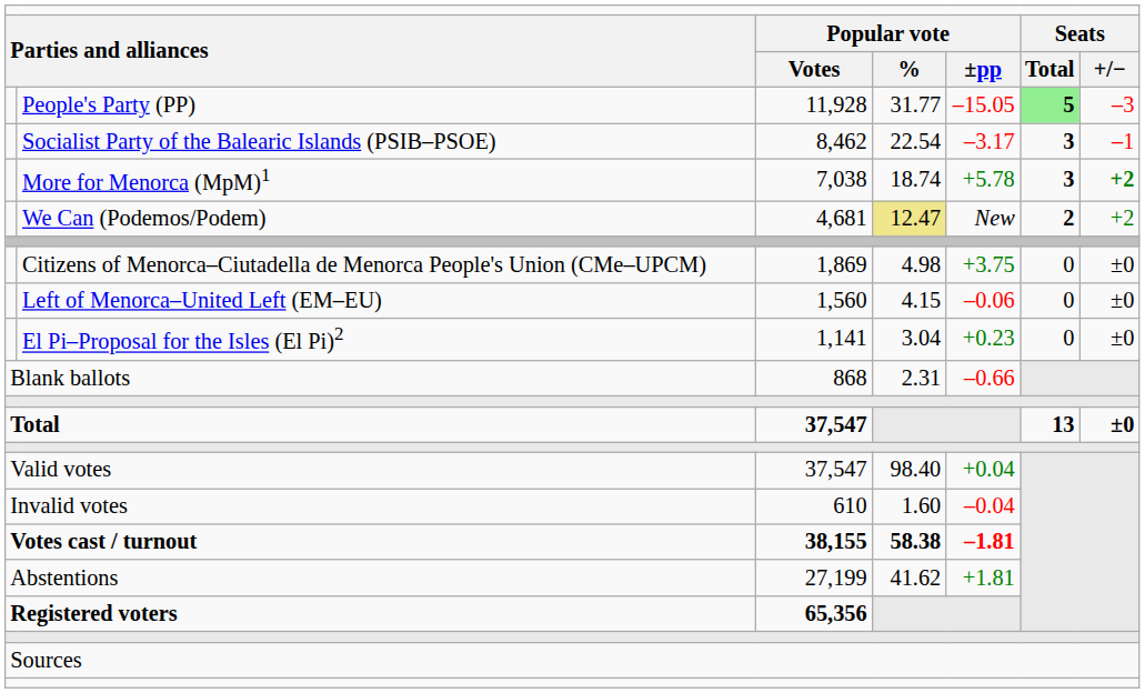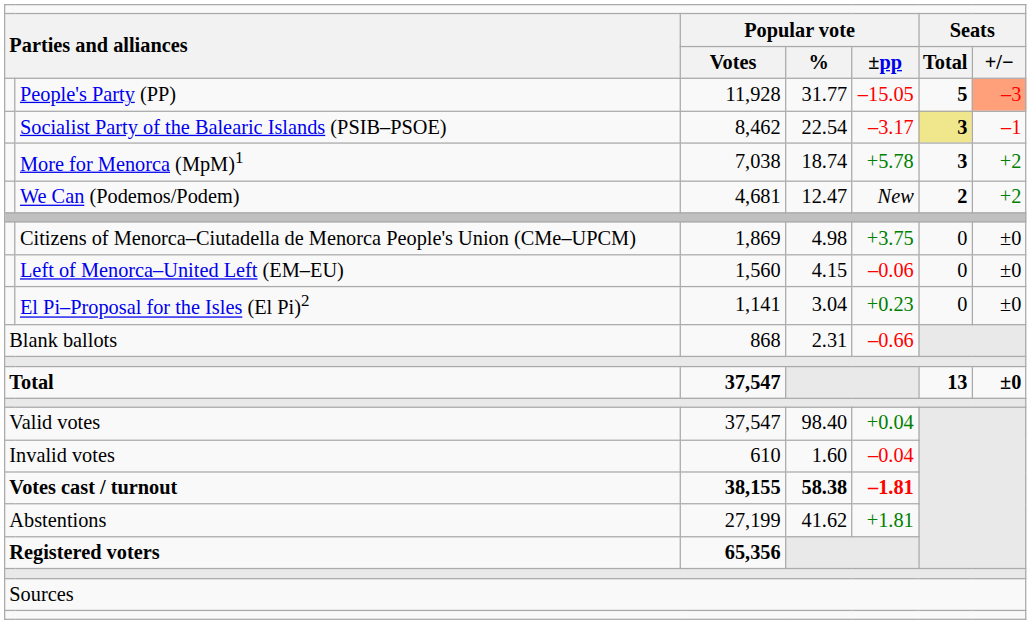 <table class="wikitable" style="text-align:right;">
 <tr>
 <td colspan="7"></td>
 </tr>
 <tr>
 <th style="text-align:left;" rowspan="2" colspan="2" width="525">Parties and alliances</th>
 <th colspan="3">Popular vote</th>
 <th colspan="2">Seats</th>
 </tr>
 <tr>
 <th width="75">Votes</th>
 <th width="45">%</th>
 <th width="45">±<a href='#'>pp</a></th>
 <th width="35">Total</th>
 <th width="35">+/−</th>
 </tr>
 <tr>
 <td width="1" style="color:inherit;background:"></td>
 <td align="left"><a href='#'>People's Party</a> (PP)</td>
 <td>11,928</td>
 <td>31.77</td>
 <td style="color:red;">–15.05</td>
-<td style="background: lightgreen;"><strong>5</strong></td>
-<td style="color:red;">–3</td>
+<td><strong>5</strong></td>
+<td style="background: lightsalmon; color:red;">–3</td>
 </tr>
 <tr>
 <td style="color:inherit;background:"></td>
 <td align="left"><a href='#'>Socialist Party of the Balearic Islands</a> (PSIB–PSOE)</td>
 <td>8,462</td>
 <td>22.54</td>
 <td style="color:red;">–3.17</td>
-<td><strong>3</strong></td>
+<td style="background: khaki;"><strong>3</strong></td>
 <td style="color:red;">–1</td>
 </tr>
 <tr>
 <td style="color:inherit;background:"></td>
 <td align="left"><a href='#'>More for Menorca</a> (MpM)<sup>1</sup></td>
 <td>7,038</td>
 <td>18.74</td>
 <td style="color:green;">+5.78</td>
 <td><strong>3</strong></td>
-<td style="color:green;"><strong>+2</strong></td>
+<td style="color:green;">+2</td>
 </tr>
 <tr>
 <td style="color:inherit;background:"></td>
 <td align="left"><a href='#'>We Can</a> (Podemos/Podem)</td>
 <td>4,681</td>
-<td style="background: khaki;">12.47</td>
+<td>12.47</td>
 <td><em>New</em></td>
 <td><strong>2</strong></td>
 <td style="color:green;">+2</td>
 </tr>
 <tr>
 <td colspan="7" bgcolor="#C0C0C0"></td>
 </tr>
 <tr>
 <td style="color:inherit;background:"></td>
 <td align="left">Citizens of Menorca–Ciutadella de Menorca People's Union (CMe–UPCM)</td>
 <td>1,869</td>
 <td>4.98</td>
 <td style="color:green;">+3.75</td>
 <td>0</td>
 <td>±0</td>
 </tr>
 <tr>
 <td style="color:inherit;background:"></td>
 <td align="left"><a href='#'>Left of Menorca–United Left</a> (EM–EU)</td>
 <td>1,560</td>
 <td>4.15</td>
 <td style="color:red;">–0.06</td>
 <td>0</td>
 <td>±0</td>
 </tr>
 <tr>
 <td style="color:inherit;background:"></td>
 <td align="left"><a href='#'>El Pi–Proposal for the Isles</a> (El Pi)<sup>2</sup></td>
 <td>1,141</td>
 <td>3.04</td>
 <td style="color:green;">+0.23</td>
 <td>0</td>
 <td>±0</td>
 </tr>
 <tr>
 <td align="left" colspan="2">Blank ballots</td>
 <td>868</td>
 <td>2.31</td>
 <td style="color:red;">–0.66</td>
 <td bgcolor="#E9E9E9" colspan="2"></td>
 </tr>
 <tr>
 <td colspan="7" bgcolor="#E9E9E9"></td>
 </tr>
 <tr style="font-weight:bold;">
 <td align="left" colspan="2">Total</td>
 <td>37,547</td>
 <td bgcolor="#E9E9E9" colspan="2"></td>
 <td>13</td>
 <td>±0</td>
 </tr>
 <tr>
 <td colspan="7" bgcolor="#E9E9E9"></td>
 </tr>
 <tr>
 <td align="left" colspan="2">Valid votes</td>
 <td>37,547</td>
 <td>98.40</td>
 <td style="color:green;">+0.04</td>
 <td bgcolor="#E9E9E9" colspan="2" rowspan="5"></td>
 </tr>
 <tr>
 <td align="left" colspan="2">Invalid votes</td>
 <td>610</td>
 <td>1.60</td>
 <td style="color:red;">–0.04</td>
 </tr>
 <tr style="font-weight:bold;">
 <td align="left" colspan="2">Votes cast / turnout</td>
 <td>38,155</td>
 <td>58.38</td>
 <td style="color:red;">–1.81</td>
 </tr>
 <tr>
 <td align="left" colspan="2">Abstentions</td>
 <td>27,199</td>
 <td>41.62</td>
 <td style="color:green;">+1.81</td>
 </tr>
 <tr style="font-weight:bold;">
 <td align="left" colspan="2">Registered voters</td>
 <td>65,356</td>
 <td bgcolor="#E9E9E9" colspan="2"></td>
 </tr>
 <tr>
 <td colspan="7" bgcolor="#E9E9E9"></td>
 </tr>
 <tr>
 <td align="left" colspan="7">Sources</td>
 </tr>
 <tr>
 <td colspan="7" style="text-align:left; max-width:790px;"></td>
 </tr>
 </table>
